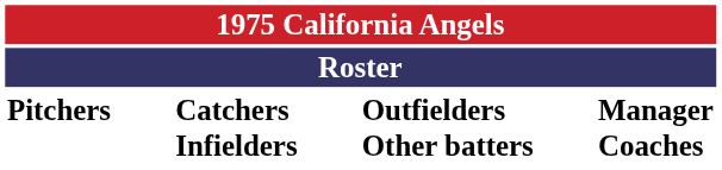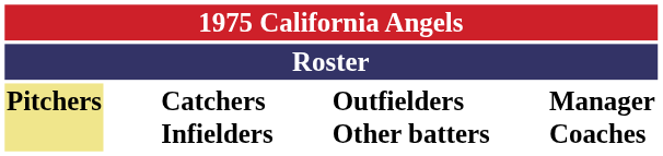 <table class="toccolours" style="font-size: 95%;">
 <tr>
 <th colspan="10" style="background-color: #CE2029; color: white; text-align: center;">1975 California Angels</th>
 </tr>
 <tr>
 <td colspan="10" style="background-color:#333366; color: white; text-align: center;"><strong>Roster</strong></td>
 </tr>
 <tr>
-<td valign="top"><strong>Pitchers</strong><br>                  </td>
+<td valign="top" style="background: khaki;"><strong>Pitchers</strong><br>                  </td>
 <td width="25px"></td>
 <td valign="top"><strong>Catchers</strong><br>      <strong>Infielders</strong>              </td>
 <td width="25px"></td>
 <td valign="top"><strong>Outfielders</strong><br>        <strong>Other batters</strong> </td>
 <td width="25px"></td>
 <td valign="top"><strong>Manager</strong><br> <strong>Coaches</strong>     </td>
 </tr>
 </table>
